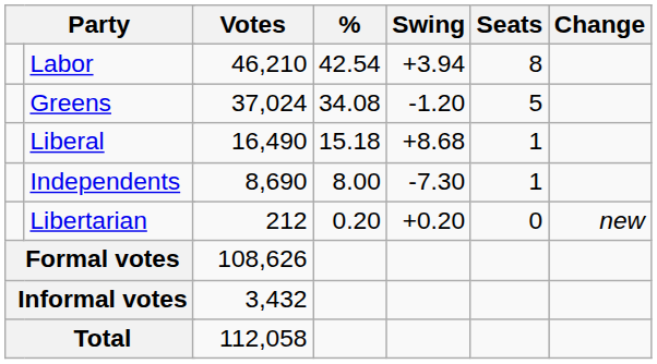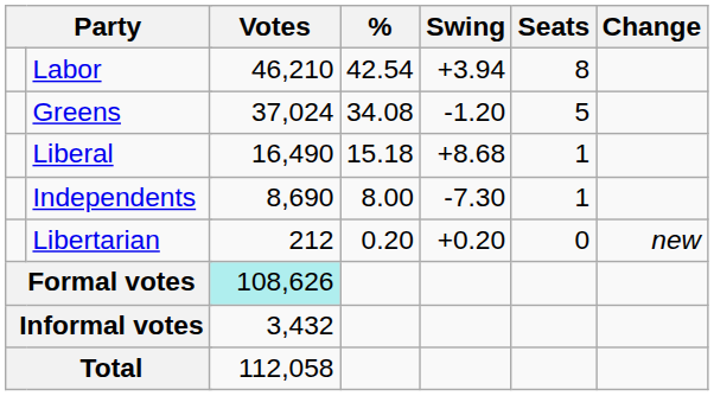 <table class="wikitable" style="text-align:right; margin-bottom:0">
 <tr>
 <th style="width:10px" colspan=3>Party</th>
 <th style="width:70px;">Votes</th>
 <th style="width:40px;">%</th>
 <th style="width:40px;">Swing</th>
 <th style="width:40px;">Seats</th>
 <th style="width:40px;">Change</th>
 </tr>
 <tr>
 <td> </td>
 <td style="text-align:left;" colspan="2"><a href='#'>Labor</a></td>
 <td>46,210</td>
 <td>42.54</td>
 <td>+3.94</td>
 <td>8</td>
 <td></td>
 </tr>
 <tr>
 <td> </td>
 <td style="text-align:left;" colspan="2"><a href='#'>Greens</a></td>
 <td>37,024</td>
 <td>34.08</td>
 <td>-1.20</td>
 <td>5</td>
 <td></td>
 </tr>
 <tr>
 <td> </td>
 <td style="text-align:left;" colspan="2"><a href='#'>Liberal</a></td>
 <td>16,490</td>
 <td>15.18</td>
 <td>+8.68 </td>
 <td>1</td>
 <td></td>
 </tr>
 <tr>
 <td> </td>
 <td style="text-align:left;" colspan="2"><a href='#'>Independents</a></td>
 <td>8,690</td>
 <td>8.00</td>
 <td>-7.30</td>
 <td>1</td>
 <td></td>
 </tr>
 <tr>
 <td> </td>
 <td style="text-align:left;" colspan="2"><a href='#'>Libertarian</a></td>
 <td>212</td>
 <td>0.20</td>
 <td>+0.20</td>
 <td>0</td>
 <td><em>new</em></td>
 </tr>
 <tr>
 <th colspan="3" rowspan="1"> Formal votes</th>
-<td>108,626</td>
+<td style="background: paleturquoise;">108,626</td>
 <td></td>
 <td></td>
 <td></td>
 <td></td>
 </tr>
 <tr>
 <th colspan="3" rowspan="1"> Informal votes</th>
 <td>3,432</td>
 <td></td>
 <td></td>
 <td></td>
 <td></td>
 </tr>
 <tr>
 <th colspan="3" rowspan="1"> <strong>Total </strong></th>
 <td>112,058</td>
 <td></td>
 <td></td>
 <td></td>
 <td></td>
 </tr>
 </table>
